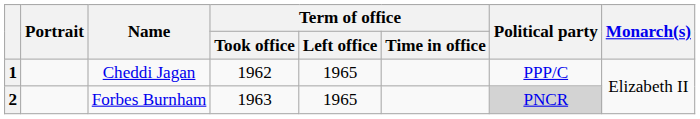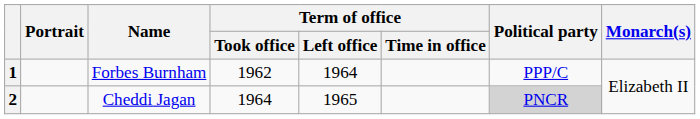 <table class="wikitable" style="text-align:center">
 <tr>
 <th rowspan="2"></th>
 <th rowspan="2">Portrait</th>
 <th rowspan="2">Name<br></th>
 <th colspan="3">Term of office</th>
 <th rowspan="2">Political party</th>
 <th rowspan="2"><a href='#'>Monarch(s)</a></th>
 </tr>
 <tr>
 <th>Took office</th>
 <th>Left office</th>
 <th>Time in office</th>
 </tr>
 <tr>
 <th style="background:">1</th>
 <td></td>
-<td><a href='#'>Cheddi Jagan</a><br></td>
+<td><a href='#'>Forbes Burnham</a><br></td>
 <td> 1962</td>
-<td> 1965</td>
+<td> 1964</td>
 <td></td>
 <td><a href='#'>PPP/C</a></td>
 <td rowspan="2">Elizabeth II</td>
 </tr>
 <tr>
 <th style="background:">2</th>
 <td></td>
-<td><a href='#'>Forbes Burnham</a><br></td>
-<td> 1963</td>
+<td><a href='#'>Cheddi Jagan</a><br></td>
+<td> 1964</td>
 <td> 1965</td>
 <td></td>
 <td style="background: lightgrey;"><a href='#'>PNCR</a></td>
 </tr>
 </table>
